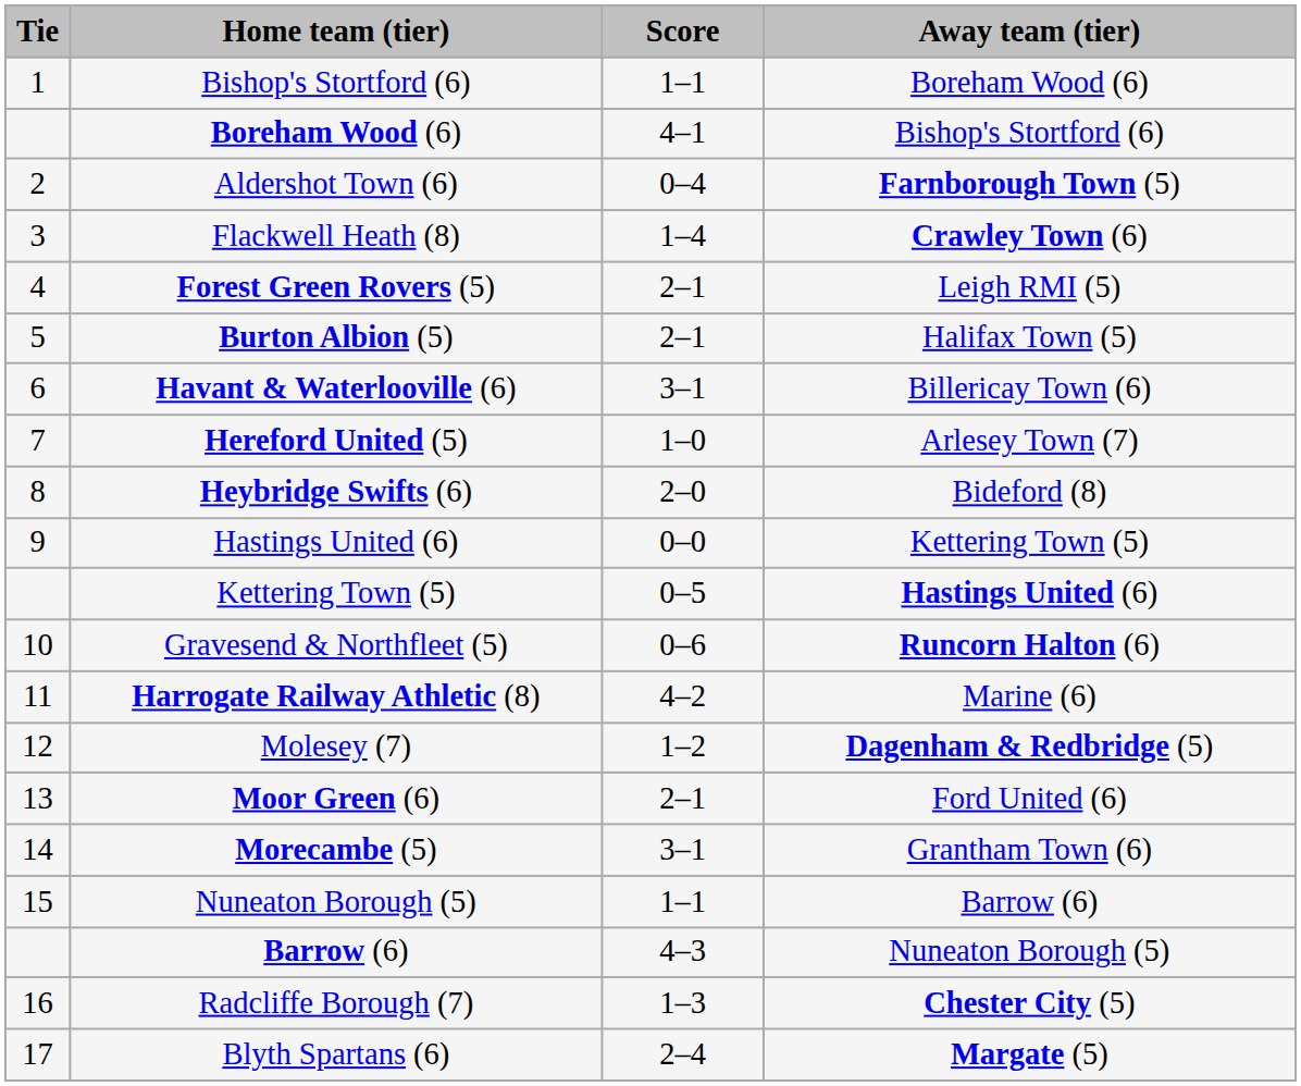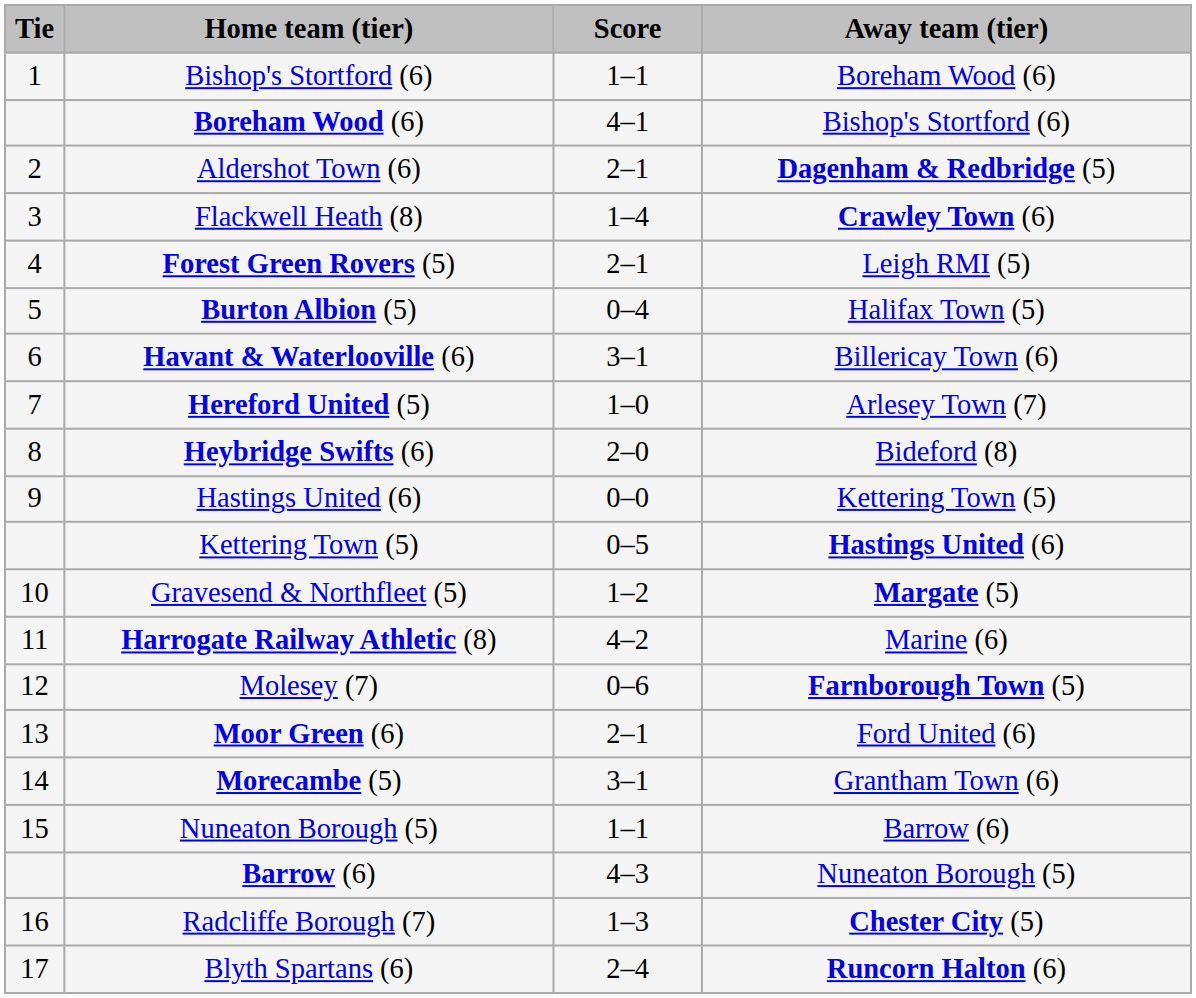 <table class="wikitable" style="width: 600px; background:WhiteSmoke; text-align:center; font-size:90%">
 <tr>
 <td scope="col" style="width:  5.00%; background:silver;"><strong>Tie</strong></td>
 <td scope="col" style="width: 41.25%; background:silver;"><strong>Home team (tier)</strong></td>
 <td scope="col" style="width: 12.50%; background:silver;"><strong>Score</strong></td>
 <td scope="col" style="width: 41.25%; background:silver;"><strong>Away team (tier)</strong></td>
 </tr>
 <tr>
 </tr>
 <tr>
 <td>1</td>
 <td><a href='#'>Bishop's Stortford</a> (6)</td>
 <td>1–1</td>
 <td><a href='#'>Boreham Wood</a> (6)</td>
 </tr>
 <tr>
 <td><em></em></td>
 <td><strong><a href='#'>Boreham Wood</a></strong> (6)</td>
 <td>4–1</td>
 <td><a href='#'>Bishop's Stortford</a> (6)</td>
 </tr>
 <tr>
 <td>2</td>
 <td><a href='#'>Aldershot Town</a> (6)</td>
-<td>0–4</td>
-<td><strong><a href='#'>Farnborough Town</a></strong> (5)</td>
+<td>2–1</td>
+<td><strong><a href='#'>Dagenham & Redbridge</a></strong> (5)</td>
 </tr>
 <tr>
 <td>3</td>
 <td><a href='#'>Flackwell Heath</a> (8)</td>
 <td>1–4</td>
 <td><strong><a href='#'>Crawley Town</a></strong> (6)</td>
 </tr>
 <tr>
 <td>4</td>
 <td><strong><a href='#'>Forest Green Rovers</a></strong> (5)</td>
 <td>2–1</td>
 <td><a href='#'>Leigh RMI</a> (5)</td>
 </tr>
 <tr>
 <td>5</td>
 <td><strong><a href='#'>Burton Albion</a></strong> (5)</td>
-<td>2–1</td>
+<td>0–4</td>
 <td><a href='#'>Halifax Town</a> (5)</td>
 </tr>
 <tr>
 <td>6</td>
 <td><strong><a href='#'>Havant & Waterlooville</a></strong> (6)</td>
 <td>3–1</td>
 <td><a href='#'>Billericay Town</a> (6)</td>
 </tr>
 <tr>
 <td>7</td>
 <td><strong><a href='#'>Hereford United</a></strong> (5)</td>
 <td>1–0</td>
 <td><a href='#'>Arlesey Town</a> (7)</td>
 </tr>
 <tr>
 <td>8</td>
 <td><strong><a href='#'>Heybridge Swifts</a></strong> (6)</td>
 <td>2–0</td>
 <td><a href='#'>Bideford</a> (8)</td>
 </tr>
 <tr>
 <td>9</td>
 <td><a href='#'>Hastings United</a> (6)</td>
 <td>0–0</td>
 <td><a href='#'>Kettering Town</a> (5)</td>
 </tr>
 <tr>
 <td><em></em></td>
 <td><a href='#'>Kettering Town</a> (5)</td>
 <td>0–5</td>
 <td><strong><a href='#'>Hastings United</a></strong> (6)</td>
 </tr>
 <tr>
 <td>10</td>
 <td><a href='#'>Gravesend & Northfleet</a> (5)</td>
-<td>0–6</td>
-<td><strong><a href='#'>Runcorn Halton</a></strong> (6)</td>
+<td>1–2</td>
+<td><strong><a href='#'>Margate</a></strong> (5)</td>
 </tr>
 <tr>
 <td>11</td>
 <td><strong><a href='#'>Harrogate Railway Athletic</a></strong> (8)</td>
 <td>4–2</td>
 <td><a href='#'>Marine</a> (6)</td>
 </tr>
 <tr>
 <td>12</td>
 <td><a href='#'>Molesey</a> (7)</td>
-<td>1–2</td>
-<td><strong><a href='#'>Dagenham & Redbridge</a></strong> (5)</td>
+<td>0–6</td>
+<td><strong><a href='#'>Farnborough Town</a></strong> (5)</td>
 </tr>
 <tr>
 <td>13</td>
 <td><strong><a href='#'>Moor Green</a></strong> (6)</td>
 <td>2–1</td>
 <td><a href='#'>Ford United</a> (6)</td>
 </tr>
 <tr>
 <td>14</td>
 <td><strong><a href='#'>Morecambe</a></strong> (5)</td>
 <td>3–1</td>
 <td><a href='#'>Grantham Town</a> (6)</td>
 </tr>
 <tr>
 <td>15</td>
 <td><a href='#'>Nuneaton Borough</a> (5)</td>
 <td>1–1</td>
 <td><a href='#'>Barrow</a> (6)</td>
 </tr>
 <tr>
 <td><em></em></td>
 <td><strong><a href='#'>Barrow</a></strong> (6)</td>
 <td>4–3</td>
 <td><a href='#'>Nuneaton Borough</a> (5)</td>
 </tr>
 <tr>
 <td>16</td>
 <td><a href='#'>Radcliffe Borough</a> (7)</td>
 <td>1–3</td>
 <td><strong><a href='#'>Chester City</a></strong> (5)</td>
 </tr>
 <tr>
 <td>17</td>
 <td><a href='#'>Blyth Spartans</a> (6)</td>
 <td>2–4</td>
-<td><strong><a href='#'>Margate</a></strong> (5)</td>
+<td><strong><a href='#'>Runcorn Halton</a></strong> (6)</td>
 </tr>
 </table>
